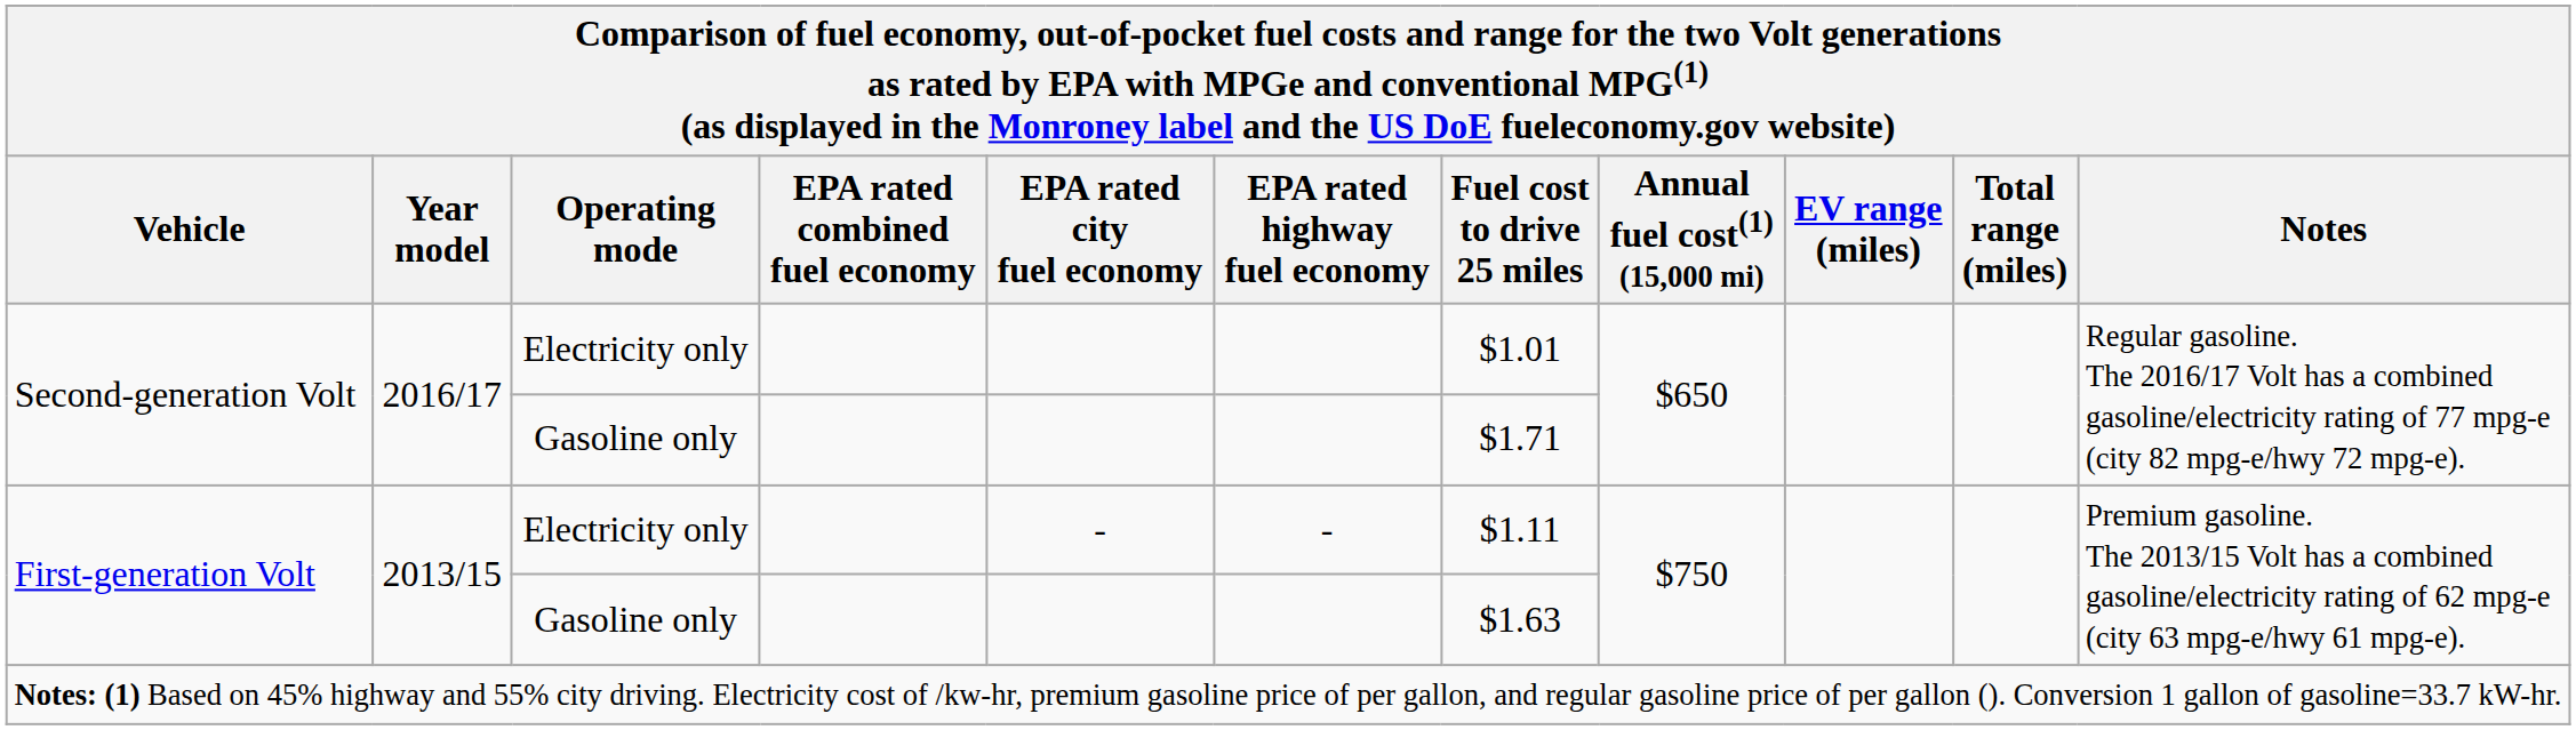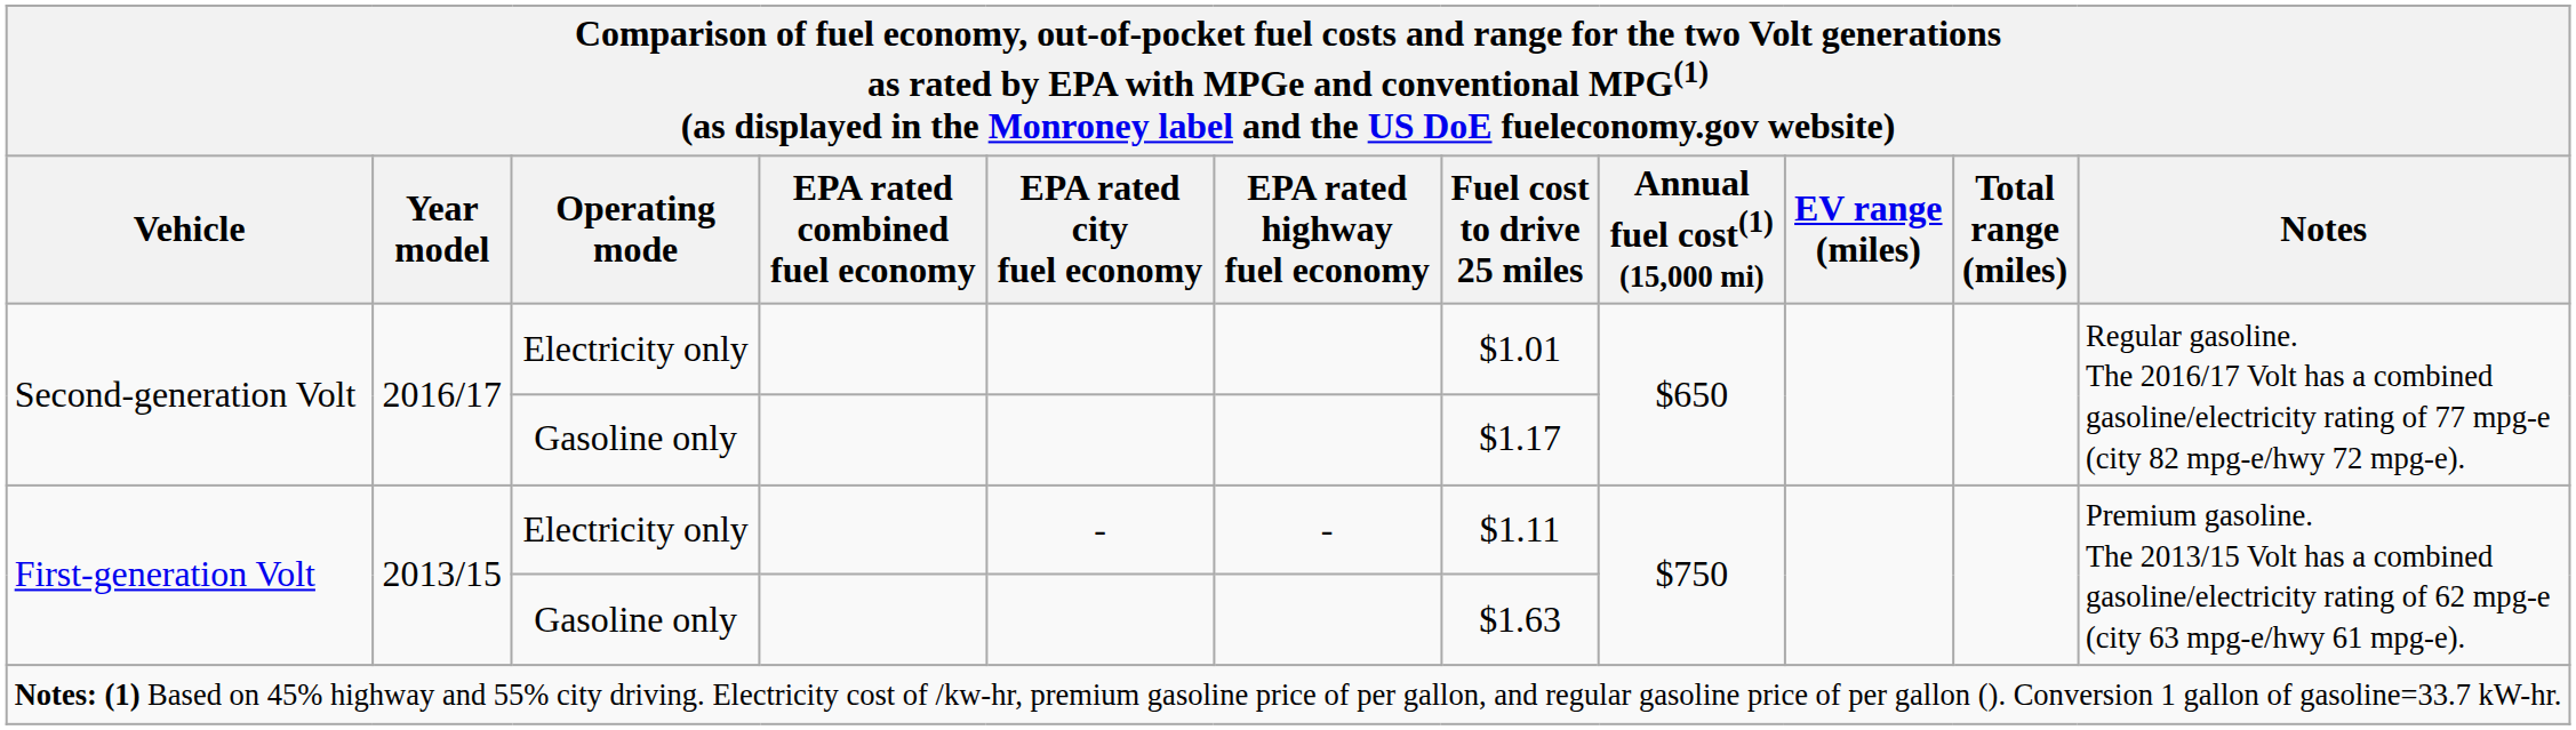 <table class=" wikitable" style="margin: 1em auto 1em auto">
 <tr>
 <th colspan="11" style="text-align:center;">Comparison of fuel economy, out-of-pocket fuel costs and range for the two Volt generations<br> as rated by EPA  with MPGe and conventional MPG<sup>(1)</sup> <br>(as displayed in the <a href='#'>Monroney label</a> and the <a href='#'>US DoE</a> fueleconomy.gov website)</th>
 </tr>
 <tr>
 <th>Vehicle</th>
 <th>Year<br>model</th>
 <th>Operating<br>mode</th>
 <th>EPA rated<br> combined <br>fuel economy</th>
 <th>EPA rated<br> city <br>fuel economy</th>
 <th>EPA rated<br> highway<br>fuel economy</th>
 <th>Fuel cost<br> to drive<br>25 miles</th>
 <th>Annual<br> fuel cost<sup>(1)</sup><br><small>(15,000 mi)</small></th>
 <th><a href='#'>EV range</a><br>(miles)</th>
 <th>Total<br>range<br>(miles)</th>
 <th>Notes</th>
 </tr>
 <tr style="text-align:center;">
 <td rowspan="2" style="text-align:left;">Second-generation Volt</td>
 <td rowspan="2">2016/17</td>
 <td>Electricity only<br></td>
 <td></td>
 <td></td>
 <td></td>
 <td>$1.01</td>
 <td rowspan="2">$650</td>
 <td rowspan="2"></td>
 <td rowspan="2"></td>
 <td rowspan="2"  align=left><small>Regular gasoline.<br>The 2016/17 Volt has a combined<br> gasoline/electricity rating of 77 mpg-e<br>(city 82 mpg-e/hwy 72 mpg-e).</small></td>
 </tr>
 <tr style="text-align:center;">
 <td>Gasoline only</td>
 <td></td>
 <td></td>
 <td></td>
-<td>$1.71</td>
+<td>$1.17</td>
 </tr>
 <tr style="text-align:center;">
 <td rowspan="2" style="text-align:left;"><a href='#'>First-generation Volt</a></td>
 <td rowspan="2">2013/15</td>
 <td>Electricity only</td>
 <td></td>
 <td>-</td>
 <td>-</td>
 <td>$1.11</td>
 <td rowspan="2">$750</td>
 <td rowspan="2"></td>
 <td rowspan="2"></td>
 <td rowspan="2"  align=left><small>Premium gasoline.<br> The 2013/15 Volt has a combined<br> gasoline/electricity rating of 62 mpg-e<br>(city 63 mpg-e/hwy 61 mpg-e).</small></td>
 </tr>
 <tr style="text-align:center;">
 <td>Gasoline only</td>
 <td></td>
 <td></td>
 <td></td>
 <td>$1.63</td>
 </tr>
 <tr>
 <td colspan="11" style="text-align:left;"><small><strong>Notes:</strong> <strong>(1)</strong> Based on 45% highway and 55% city driving. Electricity cost of /kw-hr, premium gasoline price of  per gallon, and regular gasoline price of  per gallon (). Conversion 1 gallon of gasoline=33.7 kW-hr.</small></td>
 </tr>
 </table>
